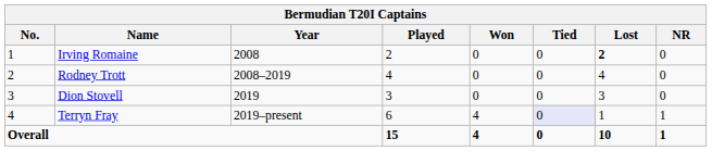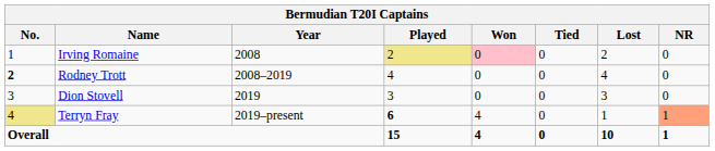 <table class="wikitable" width="70%">
 <tr>
 <th bgcolor="#efefef" colspan=9>Bermudian T20I Captains</th>
 </tr>
 <tr bgcolor="#efefef">
 <th>No.</th>
 <th>Name</th>
 <th>Year</th>
 <th>Played</th>
 <th>Won</th>
 <th>Tied</th>
 <th>Lost</th>
 <th>NR</th>
 </tr>
 <tr>
 <td>1</td>
 <td><a href='#'>Irving Romaine</a></td>
 <td>2008</td>
+<td style="background: khaki;">2</td>
+<td style="background: pink;">0</td>
+<td>0</td>
 <td>2</td>
-<td>0</td>
-<td>0</td>
-<td><strong>2</strong></td>
 <td>0</td>
 </tr>
 <tr>
-<td>2</td>
+<td><strong>2</strong></td>
 <td><a href='#'>Rodney Trott</a></td>
 <td>2008–2019</td>
 <td>4</td>
 <td>0</td>
 <td>0</td>
 <td>4</td>
 <td>0</td>
 </tr>
 <tr>
 <td>3</td>
 <td><a href='#'>Dion Stovell</a></td>
 <td>2019</td>
 <td>3</td>
 <td>0</td>
 <td>0</td>
 <td>3</td>
 <td>0</td>
 </tr>
 <tr>
-<td>4</td>
+<td style="background: khaki;">4</td>
 <td><a href='#'>Terryn Fray</a></td>
 <td>2019–present</td>
-<td>6</td>
+<td><strong>6</strong></td>
 <td>4</td>
-<td style="background: lavender;">0</td>
+<td>0</td>
 <td>1</td>
-<td>1</td>
+<td style="background: lightsalmon;">1</td>
 </tr>
 <tr>
 <td colspan=3><strong>Overall</strong></td>
 <td><strong>15</strong></td>
 <td><strong>4</strong></td>
 <td><strong>0</strong></td>
 <td><strong>10</strong></td>
 <td><strong>1</strong></td>
 </tr>
 </table>
